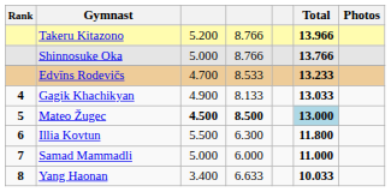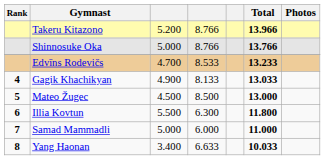 <table style="text-align:center;" class="wikitable sortable">
 <tr>
 <th scope="col" style="width:15px;"><small>Rank</small></th>
 <th scope="col" style="width:175px;">Gymnast</th>
 <th scope="col" style="width:50px;"><small></small></th>
 <th scope="col" style="width:50px;"><small></small></th>
 <th scope="col" style="width:20px;"><small></small></th>
 <th scope="col" style="width:50px;">Total</th>
 <th scope="col" style="width:50px;">Photos</th>
 </tr>
 <tr style="background:#fffcaf;">
 <td scope="row" style="text-align:center"><strong></strong></td>
 <td style="text-align:left;"> <a href='#'>Takeru Kitazono</a></td>
 <td>5.200</td>
 <td>8.766</td>
 <td></td>
 <td><strong>13.966</strong></td>
 <td></td>
 </tr>
 <tr style="background:#e5e5e5;">
 <td scope="row" style="text-align:center"><strong></strong></td>
 <td style="text-align:left;"> <a href='#'>Shinnosuke Oka</a></td>
 <td>5.000</td>
 <td>8.766</td>
 <td></td>
 <td><strong>13.766</strong></td>
 <td></td>
 </tr>
 <tr>
 </tr>
 <tr style="background:#ec9;">
 <td scope="row" style="text-align:center"><strong></strong></td>
 <td style="text-align:left;"> <a href='#'>Edvīns Rodevičs</a></td>
 <td>4.700</td>
 <td>8.533</td>
 <td></td>
 <td><strong>13.233</strong></td>
 <td></td>
 </tr>
 <tr>
 <td scope="row" style="text-align:center"><strong>4</strong></td>
 <td style="text-align:left;"> <a href='#'>Gagik Khachikyan</a></td>
 <td>4.900</td>
 <td>8.133</td>
 <td></td>
 <td><strong>13.033</strong></td>
 <td></td>
 </tr>
 <tr>
 <td scope="row" style="text-align:center"><strong>5</strong></td>
 <td style="text-align:left;"> <a href='#'>Mateo Žugec</a></td>
-<td><strong>4.500</strong></td>
-<td><strong>8.500</strong></td>
+<td>4.500</td>
+<td>8.500</td>
 <td></td>
-<td style="background: lightblue;"><strong>13.000</strong></td>
+<td><strong>13.000</strong></td>
 <td></td>
 </tr>
 <tr>
 <td scope="row" style="text-align:center"><strong>6</strong></td>
 <td style="text-align:left;"> <a href='#'>Illia Kovtun</a></td>
 <td>5.500</td>
 <td>6.300</td>
 <td></td>
 <td><strong>11.800</strong></td>
 <td></td>
 </tr>
 <tr>
 <td scope="row" style="text-align:center"><strong>7</strong></td>
 <td style="text-align:left;"> <a href='#'>Samad Mammadli</a></td>
 <td>5.000</td>
 <td>6.000</td>
 <td></td>
 <td><strong>11.000</strong></td>
 <td></td>
 </tr>
 <tr>
 <td scope="row" style="text-align:center"><strong>8</strong></td>
 <td style="text-align:left;"> <a href='#'>Yang Haonan</a></td>
 <td>3.400</td>
 <td>6.633</td>
 <td></td>
 <td><strong>10.033</strong></td>
 <td></td>
 </tr>
 </table>
